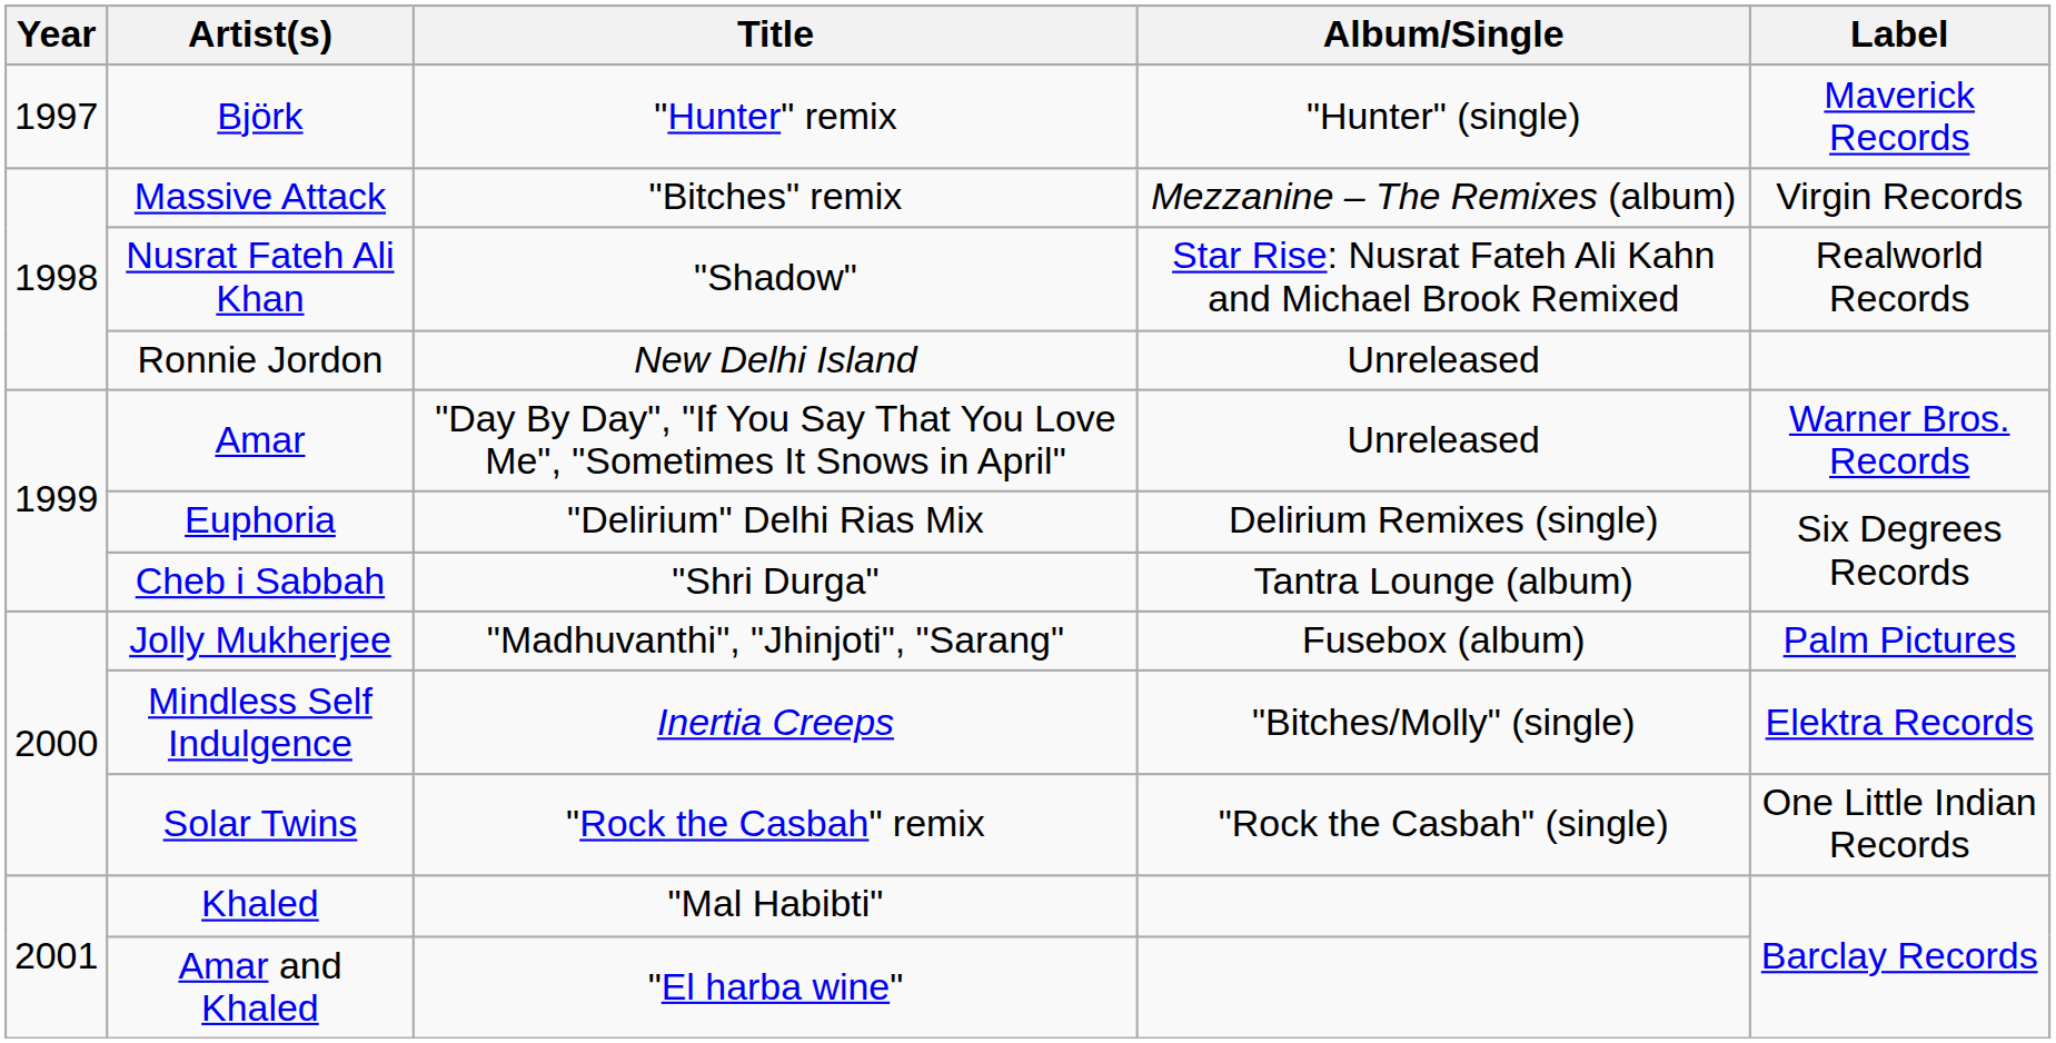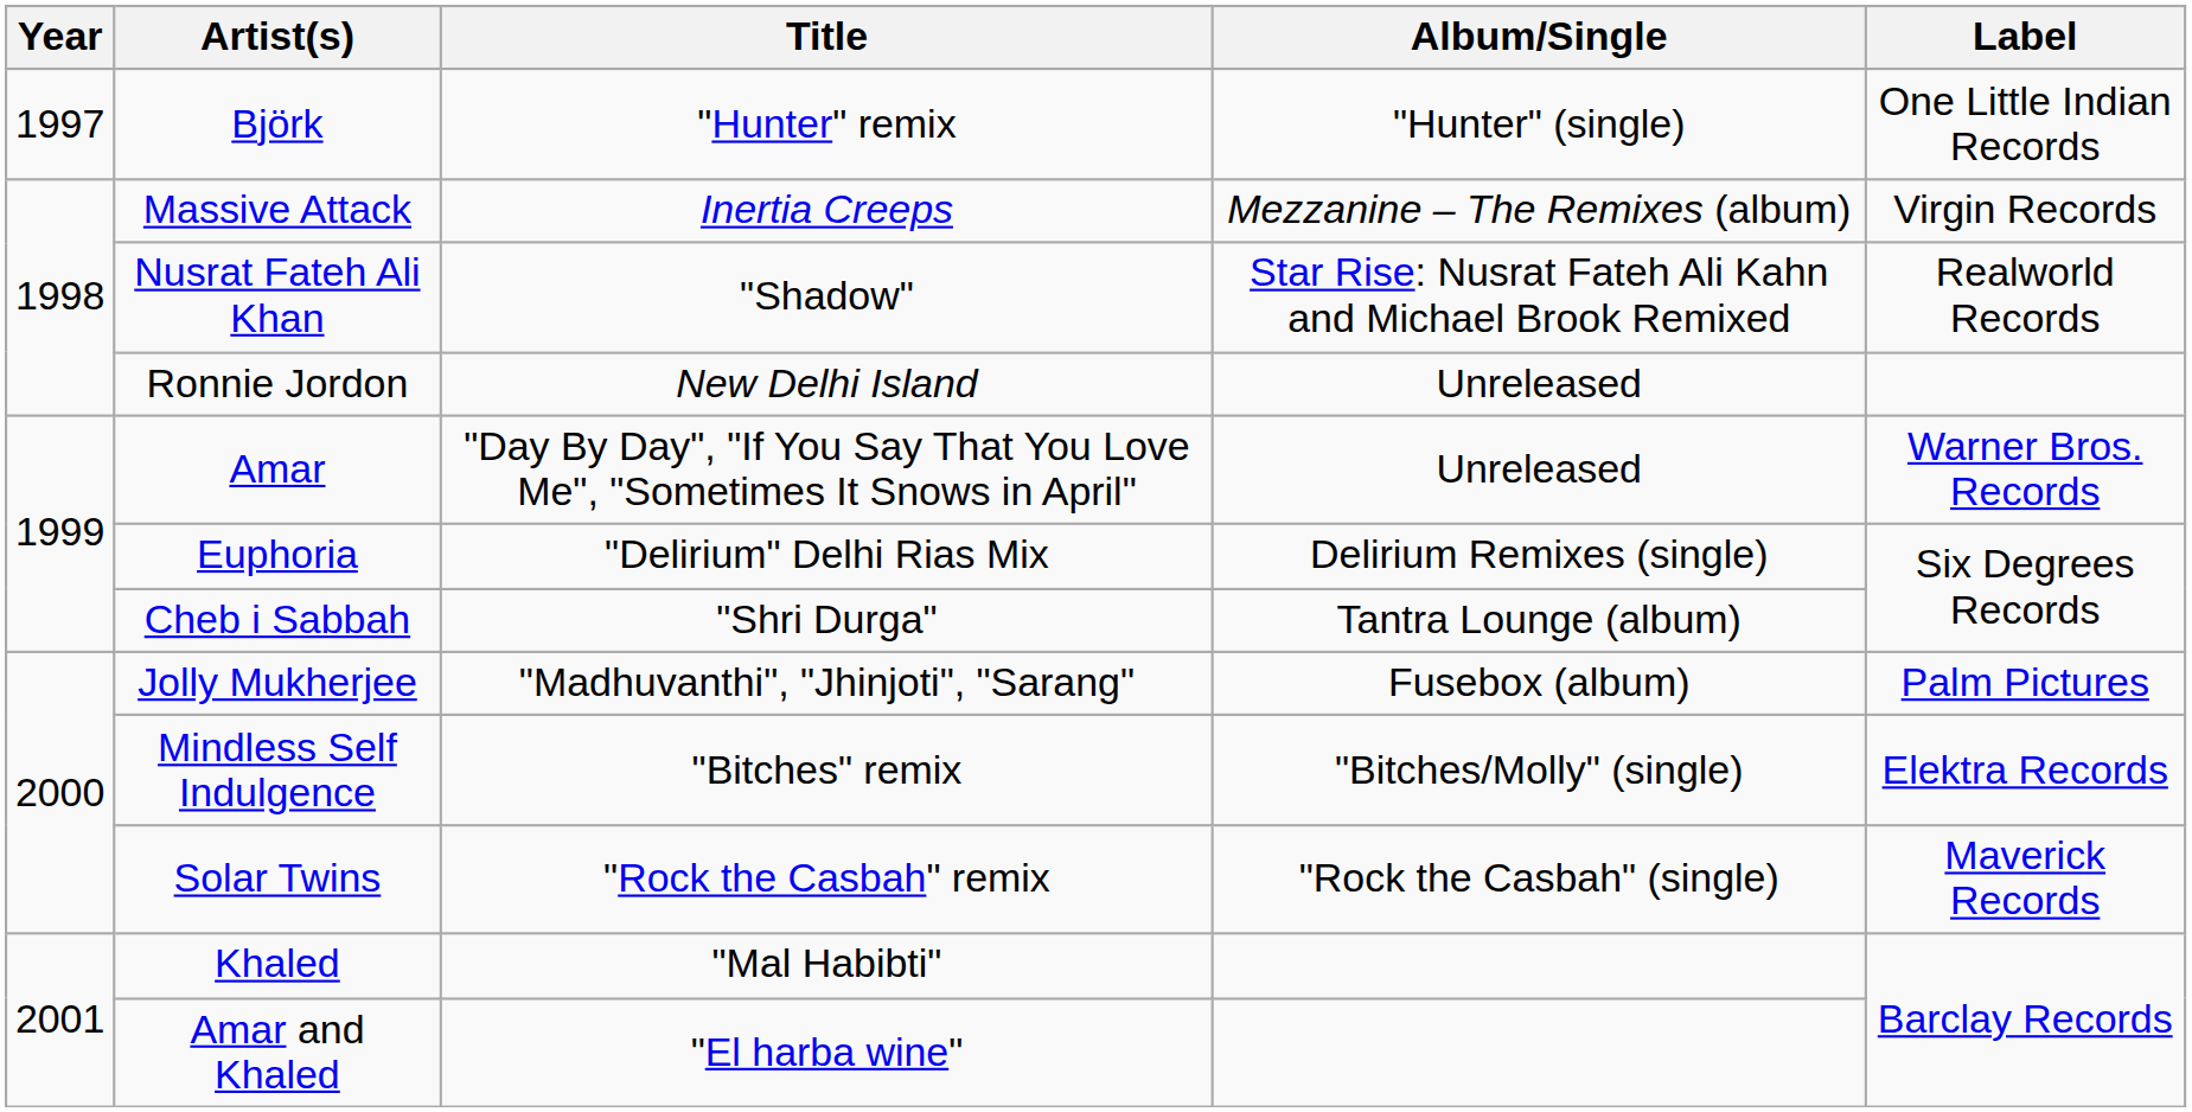 <table class="wikitable plainrowheaders" style="text-align:center;">
 <tr>
 <th>Year</th>
 <th>Artist(s)</th>
 <th>Title</th>
 <th>Album/Single</th>
 <th>Label</th>
 </tr>
 <tr>
 <td rowspan="1">1997</td>
 <td><a href='#'>Björk</a></td>
 <td>"<a href='#'>Hunter</a>" remix</td>
 <td>"Hunter" (single)</td>
-<td><a href='#'>Maverick Records</a></td>
+<td>One Little Indian Records</td>
 </tr>
 <tr>
 <td rowspan="3">1998</td>
 <td><a href='#'>Massive Attack</a></td>
-<td>"Bitches" remix</td>
+<td><em><a href='#'>Inertia Creeps</a></em></td>
 <td><em>Mezzanine – The Remixes</em> (album)</td>
 <td>Virgin Records</td>
 </tr>
 <tr>
 <td><a href='#'>Nusrat Fateh Ali Khan</a></td>
 <td>"Shadow"</td>
 <td><a href='#'>Star Rise</a>: Nusrat Fateh Ali Kahn and Michael Brook Remixed</td>
 <td>Realworld Records</td>
 </tr>
 <tr>
 <td>Ronnie Jordon</td>
 <td><em>New Delhi Island</em></td>
 <td>Unreleased</td>
 </tr>
 <tr>
 <td rowspan="3">1999</td>
 <td><a href='#'>Amar</a></td>
 <td>"Day By Day", "If You Say That You Love Me", "Sometimes It Snows in April"</td>
 <td>Unreleased</td>
 <td><a href='#'>Warner Bros. Records</a></td>
 </tr>
 <tr>
 <td><a href='#'>Euphoria</a></td>
 <td>"Delirium" Delhi Rias Mix</td>
 <td>Delirium Remixes (single)</td>
 <td rowspan="2">Six Degrees Records</td>
 </tr>
 <tr>
 <td><a href='#'>Cheb i Sabbah</a></td>
 <td>"Shri Durga"</td>
 <td>Tantra Lounge (album)</td>
 </tr>
 <tr>
 <td rowspan="3">2000</td>
 <td><a href='#'>Jolly Mukherjee</a></td>
 <td>"Madhuvanthi", "Jhinjoti", "Sarang"</td>
 <td>Fusebox (album)</td>
 <td><a href='#'>Palm Pictures</a></td>
 </tr>
 <tr>
 <td><a href='#'>Mindless Self Indulgence</a></td>
-<td><em><a href='#'>Inertia Creeps</a></em></td>
+<td>"Bitches" remix</td>
 <td>"Bitches/Molly" (single)</td>
 <td><a href='#'>Elektra Records</a></td>
 </tr>
 <tr>
 <td><a href='#'>Solar Twins</a></td>
 <td>"<a href='#'>Rock the Casbah</a>" remix</td>
 <td>"Rock the Casbah" (single)</td>
-<td>One Little Indian Records</td>
+<td><a href='#'>Maverick Records</a></td>
 </tr>
 <tr>
 <td rowspan="2">2001</td>
 <td><a href='#'>Khaled</a></td>
 <td>"Mal Habibti"</td>
 <td></td>
 <td rowspan="2"><a href='#'>Barclay Records</a></td>
 </tr>
 <tr>
 <td><a href='#'>Amar</a> and <a href='#'>Khaled</a></td>
 <td>"<a href='#'>El harba wine</a>"</td>
 <td></td>
 </tr>
 </table>
